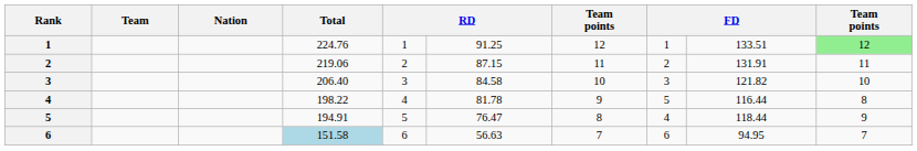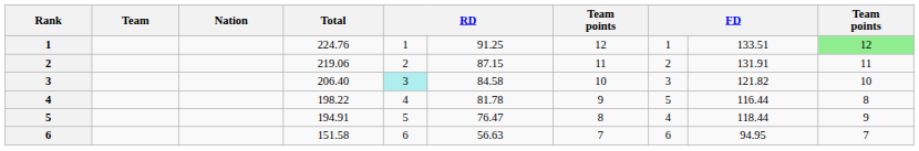 <table class="wikitable sortable" style="text-align:center; width:100%">
 <tr>
 <th scope="col">Rank</th>
 <th scope="col">Team</th>
 <th scope="col">Nation</th>
 <th scope="col">Total</th>
 <th scope="col" colspan="2" width="80px"><a href='#'>RD</a></th>
 <th scope="col">Team<br>points</th>
 <th scope="col" colspan="2" width="80px"><a href='#'>FD</a></th>
 <th scope="col">Team<br>points</th>
 </tr>
 <tr>
 <th scope="row">1</th>
 <td align="left"></td>
 <td align="left"></td>
 <td>224.76</td>
 <td>1</td>
 <td>91.25</td>
 <td>12</td>
 <td>1</td>
 <td>133.51</td>
 <td style="background: lightgreen;">12</td>
 </tr>
 <tr>
 <th scope="row">2</th>
 <td align="left"></td>
 <td align="left"></td>
 <td>219.06</td>
 <td>2</td>
 <td>87.15</td>
 <td>11</td>
 <td>2</td>
 <td>131.91</td>
 <td>11</td>
 </tr>
 <tr>
 <th scope="row">3</th>
 <td align="left"></td>
 <td align="left"></td>
 <td>206.40</td>
-<td>3</td>
+<td style="background: paleturquoise;">3</td>
 <td>84.58</td>
 <td>10</td>
 <td>3</td>
 <td>121.82</td>
 <td>10</td>
 </tr>
 <tr>
 <th scope="row">4</th>
 <td align="left"></td>
 <td align="left"></td>
 <td>198.22</td>
 <td>4</td>
 <td>81.78</td>
 <td>9</td>
 <td>5</td>
 <td>116.44</td>
 <td>8</td>
 </tr>
 <tr>
 <th scope="row">5</th>
 <td align="left"></td>
 <td align="left"></td>
 <td>194.91</td>
 <td>5</td>
 <td>76.47</td>
 <td>8</td>
 <td>4</td>
 <td>118.44</td>
 <td>9</td>
 </tr>
 <tr>
 <th scope="row">6</th>
 <td align="left"></td>
 <td align="left"></td>
-<td style="background: lightblue;">151.58</td>
+<td>151.58</td>
 <td>6</td>
 <td>56.63</td>
 <td>7</td>
 <td>6</td>
 <td>94.95</td>
 <td>7</td>
 </tr>
 </table>
